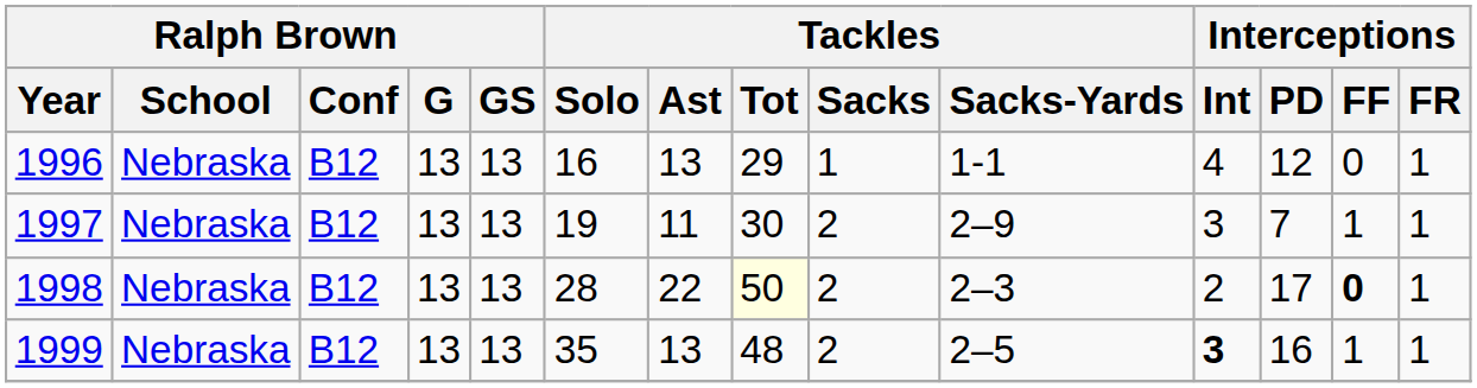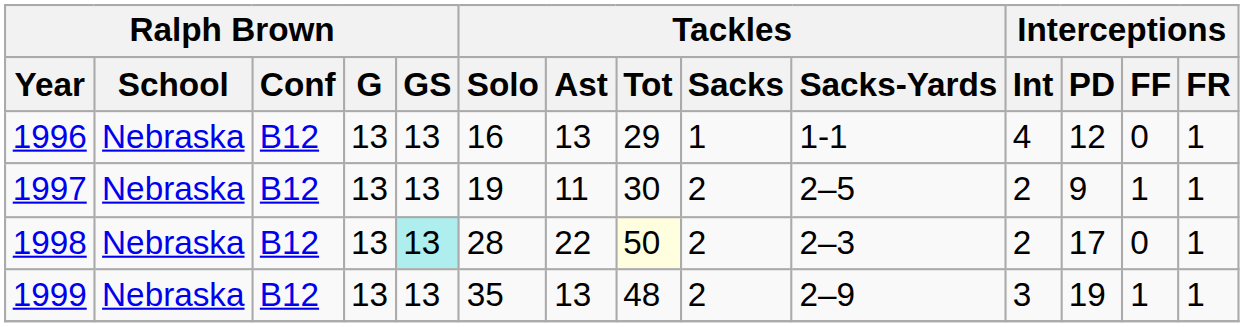 <table class="wikitable">
 <tr>
 <th colspan="5" style="text-align: center; font-weight:bold;">Ralph Brown</th>
 <th colspan="5" style="text-align: center; font-weight:bold;">Tackles</th>
 <th colspan="4" style="text-align: center; font-weight:bold;">Interceptions</th>
 </tr>
 <tr>
 <th style="font-weight:bold;" style=>Year</th>
 <th style="font-weight:bold;" style=>School</th>
 <th style="font-weight:bold;" style=>Conf</th>
 <th style="font-weight:bold;" style=>G</th>
 <th style="font-weight:bold;" style=>GS</th>
 <th style="font-weight:bold;" style=>Solo</th>
 <th style="font-weight:bold;" style=>Ast</th>
 <th style="font-weight:bold;" style=>Tot</th>
 <th style="font-weight:bold;" style=>Sacks</th>
 <th style="font-weight:bold;" style=>Sacks-Yards</th>
 <th style="font-weight:bold;" style=>Int</th>
 <th style="font-weight:bold;" style=>PD</th>
 <th style="font-weight:bold;" style=>FF</th>
 <th style="font-weight:bold;" style=>FR</th>
 </tr>
 <tr>
 <td><a href='#'>1996</a></td>
 <td><a href='#'>Nebraska</a></td>
 <td><a href='#'>B12</a></td>
 <td>13</td>
 <td>13</td>
 <td>16</td>
 <td>13</td>
 <td>29</td>
 <td>1</td>
 <td>1-1</td>
 <td>4</td>
 <td>12</td>
 <td>0</td>
 <td>1</td>
 </tr>
 <tr>
 <td><a href='#'>1997</a></td>
 <td><a href='#'>Nebraska</a></td>
 <td><a href='#'>B12</a></td>
 <td>13</td>
 <td>13</td>
 <td>19</td>
 <td>11</td>
 <td>30</td>
 <td>2</td>
-<td>2–9</td>
-<td>3</td>
-<td>7</td>
+<td>2–5</td>
+<td>2</td>
+<td>9</td>
 <td>1</td>
 <td>1</td>
 </tr>
 <tr>
 <td><a href='#'>1998</a></td>
 <td><a href='#'>Nebraska</a></td>
 <td><a href='#'>B12</a></td>
 <td>13</td>
-<td>13</td>
+<td style="background: paleturquoise;">13</td>
 <td>28</td>
 <td>22</td>
 <td style="background: lightyellow;">50</td>
 <td>2</td>
 <td>2–3</td>
 <td>2</td>
 <td>17</td>
-<td><strong>0</strong></td>
+<td>0</td>
 <td>1</td>
 </tr>
 <tr>
 <td><a href='#'>1999</a></td>
 <td><a href='#'>Nebraska</a></td>
 <td><a href='#'>B12</a></td>
 <td>13</td>
 <td>13</td>
 <td>35</td>
 <td>13</td>
 <td>48</td>
 <td>2</td>
-<td>2–5</td>
-<td><strong>3</strong></td>
-<td>16</td>
+<td>2–9</td>
+<td>3</td>
+<td>19</td>
 <td>1</td>
 <td>1</td>
 </tr>
 <tr>
 </tr>
 </table>
